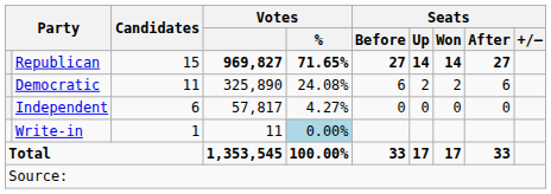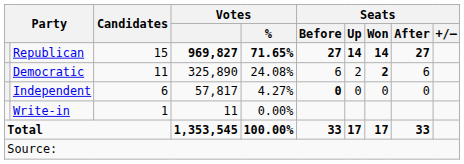 <table class="wikitable">
 <tr>
 <th colspan="2" rowspan="2">Party</th>
 <th rowspan="2">Candidates</th>
 <th colspan="2">Votes</th>
 <th colspan="5">Seats</th>
 </tr>
 <tr>
 <th></th>
 <th>%</th>
 <th>Before</th>
 <th>Up</th>
 <th>Won</th>
 <th>After</th>
 <th>+/–</th>
 </tr>
 <tr>
 <th style="background-color:"></th>
 <td><a href='#'>Republican</a></td>
 <td align="right">15</td>
 <td align="right"><strong>969,827</strong></td>
 <td align="right"><strong>71.65%</strong></td>
 <td align="right"><strong>27</strong></td>
 <td align="right"><strong>14</strong></td>
 <td align="right"><strong>14</strong></td>
 <td align="right"><strong>27</strong></td>
 <td align="right"></td>
 </tr>
 <tr>
 <th style="background-color:"></th>
 <td><a href='#'>Democratic</a></td>
 <td align="right">11</td>
 <td align="right">325,890</td>
 <td align="right">24.08%</td>
 <td align="right">6</td>
 <td align="right">2</td>
-<td align="right">2</td>
+<td align="right"><strong>2</strong></td>
 <td align="right">6</td>
 <td align="right"></td>
 </tr>
 <tr>
 <th style="background-color:"></th>
 <td><a href='#'>Independent</a></td>
 <td align="right">6</td>
 <td align="right">57,817</td>
 <td align="right">4.27%</td>
-<td align="right">0</td>
+<td align="right"><strong>0</strong></td>
 <td align="right">0</td>
 <td align="right">0</td>
 <td align="right">0</td>
 <td align="right"></td>
 </tr>
 <tr>
 <td></td>
 <td><a href='#'>Write-in</a></td>
 <td align="right">1</td>
 <td align="right">11</td>
-<td align="right" style="background: lightblue;">0.00%</td>
+<td align="right">0.00%</td>
 <td align="right"></td>
 <td align="right"></td>
 <td align="right"></td>
 <td align="right"></td>
 <td align="right"></td>
 </tr>
 <tr>
 <td colspan="3" align="left"><strong>Total</strong></td>
 <td align="right"><strong>1,353,545</strong></td>
 <td align="right"><strong>100.00%</strong></td>
 <td align="right"><strong>33</strong></td>
 <td align="right"><strong>17</strong></td>
 <td align="right"><strong>17</strong></td>
 <td align="right"><strong>33</strong></td>
 <td align="right"></td>
 </tr>
 <tr>
 <td colspan="10">Source: </td>
 </tr>
 </table>
